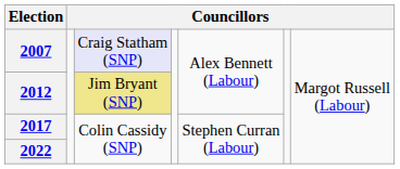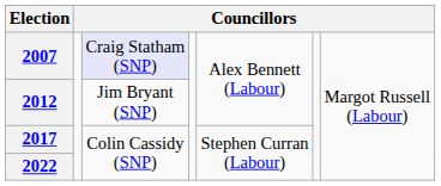 <table class="wikitable" style="text-align:center">
 <tr>
 <th>Election</th>
 <th colspan=8>Councillors</th>
 </tr>
 <tr>
 <th><a href='#'>2007</a></th>
 <td rowspan=4; style="background-color: "></td>
 <td rowspan=1 style="background: lavender;">Craig Statham<br>(<a href='#'>SNP</a>)</td>
 <td rowspan=4; style="background-color: "></td>
 <td rowspan=2>Alex Bennett<br>(<a href='#'>Labour</a>)</td>
 <td rowspan=4; style="background-color: "></td>
 <td rowspan=4>Margot Russell<br>(<a href='#'>Labour</a>)</td>
 </tr>
 <tr>
 <th><a href='#'>2012</a></th>
-<td rowspan=1 style="background: khaki;">Jim Bryant<br>(<a href='#'>SNP</a>)</td>
+<td rowspan=1>Jim Bryant<br>(<a href='#'>SNP</a>)</td>
 </tr>
 <tr>
 <th><a href='#'>2017</a></th>
 <td rowspan=2>Colin Cassidy<br>(<a href='#'>SNP</a>)</td>
 <td rowspan=2>Stephen Curran<br>(<a href='#'>Labour</a>)</td>
 </tr>
 <tr>
 <th><a href='#'>2022</a></th>
 </tr>
 </table>
